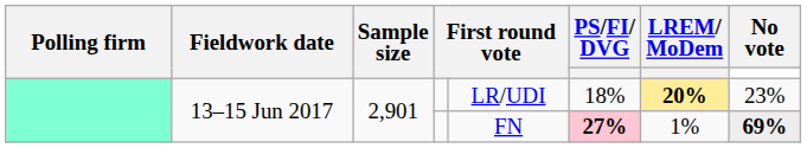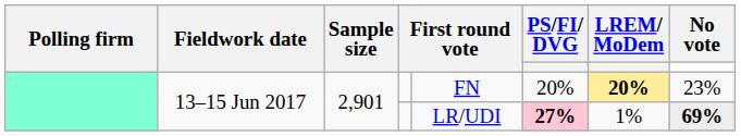 <table class="wikitable sortable" style="text-align:center;font-size:90%;line-height:14px;">
 <tr style="height:40px;">
 <th style="width:100px;" rowspan="2">Polling firm</th>
 <th style="width:110px;" rowspan="2">Fieldwork date</th>
 <th style="width:35px;" rowspan="2">Sample<br>size</th>
 <th style="width:80px;" rowspan="2" colspan="2">First round vote</th>
 <th class="unsortable" style="width:40px;"><a href='#'>PS</a>/<a href='#'>FI</a>/<br><a href='#'>DVG</a></th>
 <th class="unsortable" style="width:40px;"><a href='#'>LREM</a>/<br><a href='#'>MoDem</a></th>
 <th class="unsortable" style="width:40px;">No vote</th>
 </tr>
 <tr>
 <th style="background:"></th>
 <th style="background:"></th>
 <th style="background:#FFFFFF;"></th>
 </tr>
 <tr>
 <td rowspan="2" style="background:aquamarine;"></td>
 <td rowspan="2" data-sort-value="2017-06-15">13–15 Jun 2017</td>
 <td rowspan="2">2,901</td>
 <td style="background:"></td>
-<td data-sort-value="3"><a href='#'>LR</a>/<a href='#'>UDI</a></td>
-<td>18%</td>
+<td data-sort-value="4"><a href='#'>FN</a></td>
+<td>20%</td>
 <td style="background:#FFED99;"><strong>20%</strong></td>
 <td>23%</td>
 </tr>
 <tr>
 <td style="background:"></td>
-<td data-sort-value="4"><a href='#'>FN</a></td>
+<td data-sort-value="3"><a href='#'>LR</a>/<a href='#'>UDI</a></td>
 <td style="background:#FFC6D5;"><strong>27%</strong></td>
 <td>1%</td>
 <td style="background:#EDEDED;"><strong>69%</strong></td>
 </tr>
 </table>
